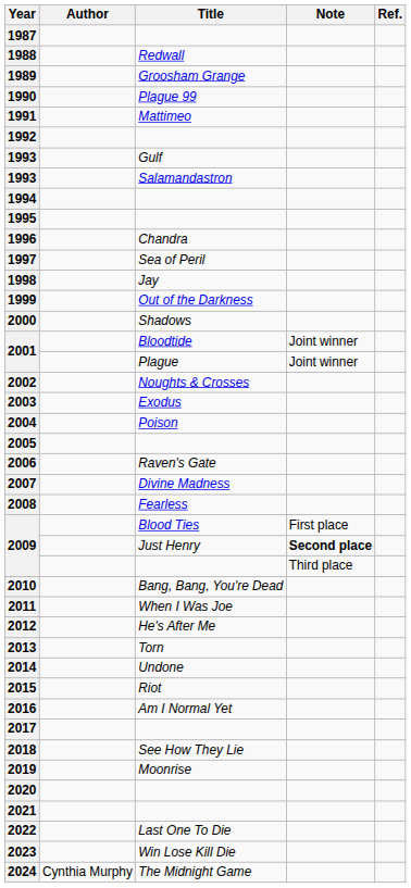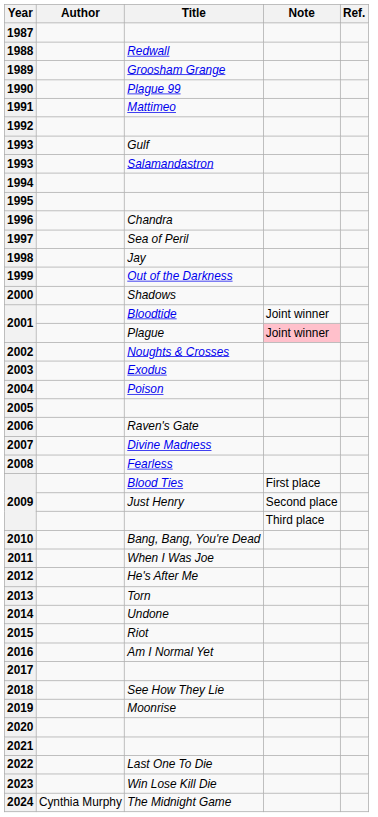 <table class="wikitable sortable">
 <tr>
 <th>Year</th>
 <th>Author</th>
 <th>Title</th>
 <th>Note</th>
 <th>Ref.</th>
 </tr>
 <tr>
 <th>1987</th>
 <td></td>
 <td><em></em></td>
 <td></td>
 <td></td>
 </tr>
 <tr>
 <th>1988</th>
 <td></td>
 <td><em><a href='#'>Redwall</a></em></td>
 <td></td>
 <td></td>
 </tr>
 <tr>
 <th>1989</th>
 <td></td>
 <td><em><a href='#'>Groosham Grange</a></em></td>
 <td></td>
 <td></td>
 </tr>
 <tr>
 <th>1990</th>
 <td></td>
 <td><em><a href='#'>Plague 99</a></em></td>
 <td></td>
 <td></td>
 </tr>
 <tr>
 <th>1991</th>
 <td></td>
 <td><em><a href='#'>Mattimeo</a></em></td>
 <td></td>
 <td></td>
 </tr>
 <tr>
 <th>1992</th>
 <td></td>
 <td><em></em></td>
 <td></td>
 <td></td>
 </tr>
 <tr>
 <th>1993</th>
 <td></td>
 <td><em>Gulf</em></td>
 <td></td>
 <td></td>
 </tr>
 <tr>
 <th>1993</th>
 <td></td>
 <td><em><a href='#'>Salamandastron</a></em></td>
 <td></td>
 <td></td>
 </tr>
 <tr>
 <th>1994</th>
 <td></td>
 <td><em></em></td>
 <td></td>
 <td></td>
 </tr>
 <tr>
 <th>1995</th>
 <td></td>
 <td><em></em></td>
 <td></td>
 <td></td>
 </tr>
 <tr>
 <th>1996</th>
 <td></td>
 <td><em>Chandra</em></td>
 <td></td>
 <td></td>
 </tr>
 <tr>
 <th>1997</th>
 <td></td>
 <td><em>Sea of Peril</em></td>
 <td></td>
 <td></td>
 </tr>
 <tr>
 <th>1998</th>
 <td></td>
 <td><em>Jay</em></td>
 <td></td>
 <td></td>
 </tr>
 <tr>
 <th>1999</th>
 <td></td>
 <td><em><a href='#'>Out of the Darkness</a></em></td>
 <td></td>
 <td></td>
 </tr>
 <tr>
 <th>2000</th>
 <td></td>
 <td><em>Shadows</em></td>
 <td></td>
 <td></td>
 </tr>
 <tr>
 <th rowspan="2">2001</th>
 <td></td>
 <td><em><a href='#'>Bloodtide</a></em></td>
 <td>Joint winner</td>
 <td></td>
 </tr>
 <tr>
 <td></td>
 <td><em>Plague</em></td>
-<td>Joint winner</td>
+<td style="background: pink;">Joint winner</td>
 <td></td>
 </tr>
 <tr>
 <th>2002</th>
 <td></td>
 <td><em><a href='#'>Noughts & Crosses</a></em></td>
 <td></td>
 <td></td>
 </tr>
 <tr>
 <th>2003</th>
 <td></td>
 <td><em><a href='#'>Exodus</a></em></td>
 <td></td>
 <td></td>
 </tr>
 <tr>
 <th>2004</th>
 <td></td>
 <td><em><a href='#'>Poison</a></em></td>
 <td></td>
 <td></td>
 </tr>
 <tr>
 <th>2005</th>
 <td></td>
 <td><em></em></td>
 <td></td>
 <td></td>
 </tr>
 <tr>
 <th>2006</th>
 <td></td>
 <td><em>Raven's Gate</em></td>
 <td></td>
 <td></td>
 </tr>
 <tr>
 <th>2007</th>
 <td></td>
 <td><em><a href='#'>Divine Madness</a></em></td>
 <td></td>
 <td></td>
 </tr>
 <tr>
 <th>2008</th>
 <td></td>
 <td><em><a href='#'>Fearless</a></em></td>
 <td></td>
 <td></td>
 </tr>
 <tr>
 <th rowspan="3">2009</th>
 <td></td>
 <td><em><a href='#'>Blood Ties</a></em></td>
 <td>First place</td>
 <td></td>
 </tr>
 <tr>
 <td></td>
 <td><em>Just Henry</em></td>
-<td><strong>Second place</strong></td>
+<td>Second place</td>
 <td></td>
 </tr>
 <tr>
 <td></td>
 <td><em></em></td>
 <td>Third place</td>
 <td></td>
 </tr>
 <tr>
 <th>2010</th>
 <td></td>
 <td><em>Bang, Bang, You're Dead</em></td>
 <td></td>
 <td></td>
 </tr>
 <tr>
 <th>2011</th>
 <td></td>
 <td><em>When I Was Joe</em></td>
 <td></td>
 <td></td>
 </tr>
 <tr>
 <th>2012</th>
 <td></td>
 <td><em>He's After Me</em></td>
 <td></td>
 <td></td>
 </tr>
 <tr>
 <th>2013</th>
 <td></td>
 <td><em>Torn</em></td>
 <td></td>
 <td></td>
 </tr>
 <tr>
 <th>2014</th>
 <td></td>
 <td><em>Undone</em></td>
 <td></td>
 <td></td>
 </tr>
 <tr>
 <th>2015</th>
 <td></td>
 <td><em>Riot</em></td>
 <td></td>
 <td></td>
 </tr>
 <tr>
 <th>2016</th>
 <td></td>
 <td><em>Am I Normal Yet</em></td>
 <td></td>
 <td></td>
 </tr>
 <tr>
 <th>2017</th>
 <td></td>
 <td><em></em></td>
 <td></td>
 <td></td>
 </tr>
 <tr>
 <th>2018</th>
 <td></td>
 <td><em>See How They Lie</em></td>
 <td></td>
 <td></td>
 </tr>
 <tr>
 <th>2019</th>
 <td></td>
 <td><em>Moonrise</em></td>
 <td></td>
 <td></td>
 </tr>
 <tr>
 <th>2020</th>
 <td></td>
 <td><em></em></td>
 <td></td>
 <td></td>
 </tr>
 <tr>
 <th>2021</th>
 <td></td>
 <td><em></em></td>
 <td></td>
 <td></td>
 </tr>
 <tr>
 <th>2022</th>
 <td></td>
 <td><em>Last One To Die</em></td>
 <td></td>
 <td></td>
 </tr>
 <tr>
 <th>2023</th>
 <td></td>
 <td><em>Win Lose Kill Die</em></td>
 <td></td>
 <td></td>
 </tr>
 <tr>
 <th>2024</th>
 <td>Cynthia Murphy</td>
 <td><em>The Midnight Game</em></td>
 <td></td>
 <td></td>
 </tr>
 </table>
